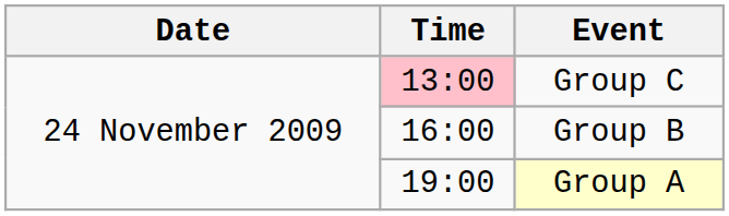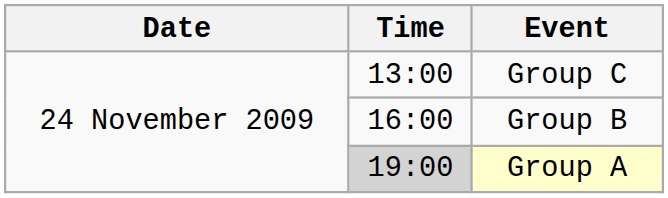 <table class = "wikitable" style="text-align:center;">
 <tr>
 <th width=150>Date</th>
 <th width=50>Time</th>
 <th width=80>Event</th>
 </tr>
 <tr>
 <td rowspan=3>24 November 2009</td>
-<td style="background: pink;">13:00</td>
+<td>13:00</td>
 <td>Group C</td>
 </tr>
 <tr>
 <td>16:00</td>
 <td>Group B</td>
 </tr>
 <tr>
-<td>19:00</td>
+<td style="background: lightgrey;">19:00</td>
 <td bgcolor=ffffcc>Group A</td>
 </tr>
 </table>
